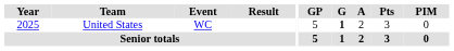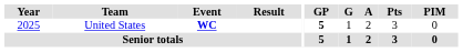 <table border="0" cellpadding="1" cellspacing="0" id="Table3" style="text-align:center; width:40em;">
 <tr bgcolor="#e0e0e0">
 <th>Year</th>
 <th>Team</th>
 <th>Event</th>
 <th>Result</th>
 <th rowspan="96" bgcolor="#ffffff"></th>
 <th>GP</th>
 <th>G</th>
 <th>A</th>
 <th>Pts</th>
 <th>PIM</th>
 </tr>
 <tr>
 <td><a href='#'>2025</a></td>
 <td><a href='#'>United States</a></td>
-<td><a href='#'>WC</a></td>
+<td><strong><a href='#'>WC</a></strong></td>
 <td></td>
-<td>5</td>
-<td><strong>1</strong></td>
+<td><strong>5</strong></td>
+<td>1</td>
 <td>2</td>
 <td>3</td>
 <td>0</td>
 </tr>
 <tr bgcolor="#e0e0e0">
 <th colspan="4">Senior totals</th>
 <th>5</th>
 <th>1</th>
 <th>2</th>
 <th>3</th>
 <th>0</th>
 </tr>
 </table>
